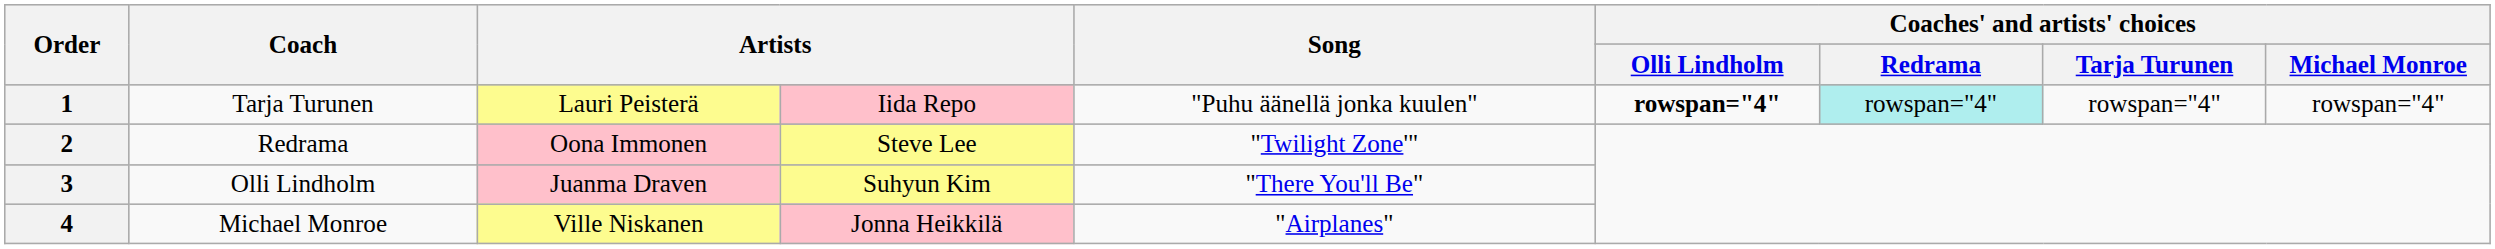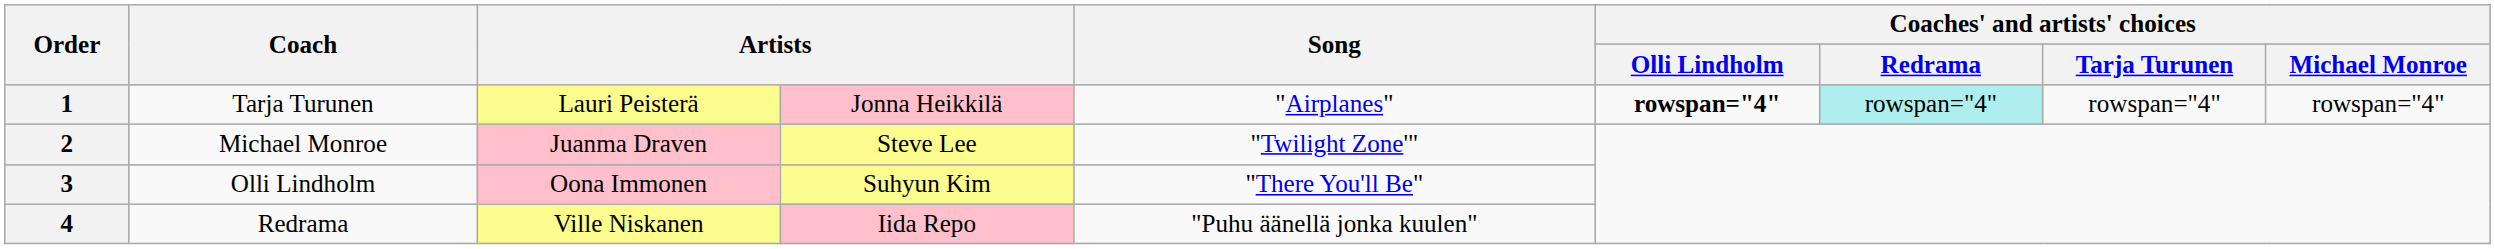 <table class="wikitable" style="text-align:center; width:100%;">
 <tr>
 <th scope="col" style="width:05%;" rowspan=2>Order</th>
 <th scope="col" style="width:14%;" rowspan=2>Coach</th>
 <th scope="col" style="width:24%;" colspan=2 rowspan=2>Artists</th>
 <th scope="col" style="width:21%;" rowspan=2>Song</th>
 <th scope="col" style="width:36%;" colspan=4>Coaches' and artists' choices</th>
 </tr>
 <tr>
 <th style="width:09%;"><a href='#'>Olli Lindholm</a></th>
 <th style="width:09%;"><a href='#'>Redrama</a></th>
 <th style="width:09%;"><a href='#'>Tarja Turunen</a></th>
 <th style="width:09%;"><a href='#'>Michael Monroe</a></th>
 </tr>
 <tr>
 <th scope="col">1</th>
 <td>Tarja Turunen</td>
 <td style="background:#fdfc8f; text-align:center;">Lauri Peisterä</td>
-<td style="background:pink; text-align:center;">Iida Repo</td>
-<td>"Puhu äänellä jonka kuulen"</td>
+<td style="background:pink; text-align:center;">Jonna Heikkilä</td>
+<td>"<a href='#'>Airplanes</a>"</td>
 <td><strong>rowspan="4" </strong></td>
 <td style="background: paleturquoise;">rowspan="4" </td>
 <td>rowspan="4" </td>
 <td>rowspan="4" </td>
 </tr>
 <tr>
 <th scope="col">2</th>
-<td>Redrama</td>
-<td style="background:pink; text-align:center;">Oona Immonen</td>
+<td>Michael Monroe</td>
+<td style="background:pink; text-align:center;">Juanma Draven</td>
 <td style="background:#fdfc8f; text-align:center;">Steve Lee</td>
 <td>"<a href='#'>Twilight Zone</a>'"</td>
 </tr>
 <tr>
 <th scope="col">3</th>
 <td>Olli Lindholm</td>
-<td style="background:pink; text-align:center;">Juanma Draven</td>
+<td style="background:pink; text-align:center;">Oona Immonen</td>
 <td style="background:#fdfc8f; text-align:center;">Suhyun Kim</td>
 <td>"<a href='#'>There You'll Be</a>"</td>
 </tr>
 <tr>
 <th scope="col">4</th>
-<td>Michael Monroe</td>
+<td>Redrama</td>
 <td style="background:#fdfc8f; text-align:center;">Ville Niskanen</td>
-<td style="background:pink; text-align:center;">Jonna Heikkilä</td>
-<td>"<a href='#'>Airplanes</a>"</td>
+<td style="background:pink; text-align:center;">Iida Repo</td>
+<td>"Puhu äänellä jonka kuulen"</td>
 </tr>
 </table>
